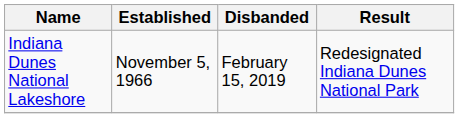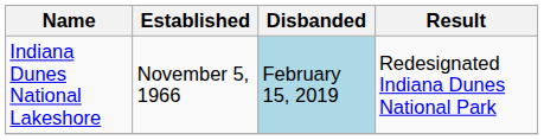 <table class="wikitable" style="width:70%;">
 <tr>
 <th>Name</th>
 <th>Established</th>
 <th>Disbanded</th>
 <th>Result</th>
 </tr>
 <tr>
 <td><a href='#'>Indiana Dunes National Lakeshore</a></td>
 <td>November 5, 1966</td>
-<td>February 15, 2019</td>
+<td style="background: lightblue;">February 15, 2019</td>
 <td>Redesignated <a href='#'>Indiana Dunes National Park</a></td>
 </tr>
 <tr>
 </tr>
 </table>
